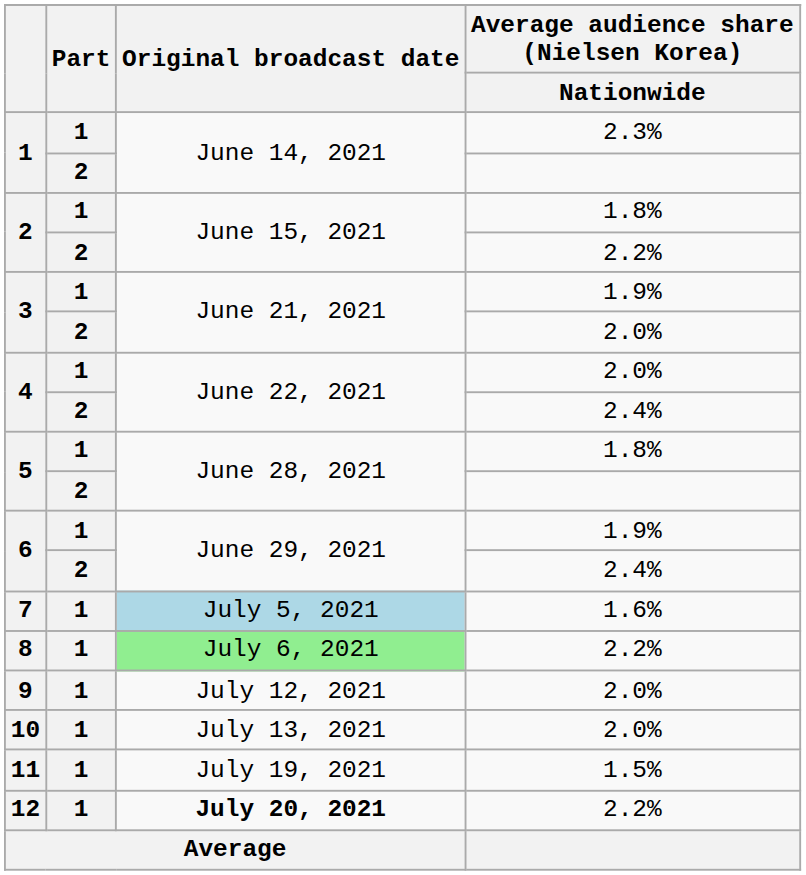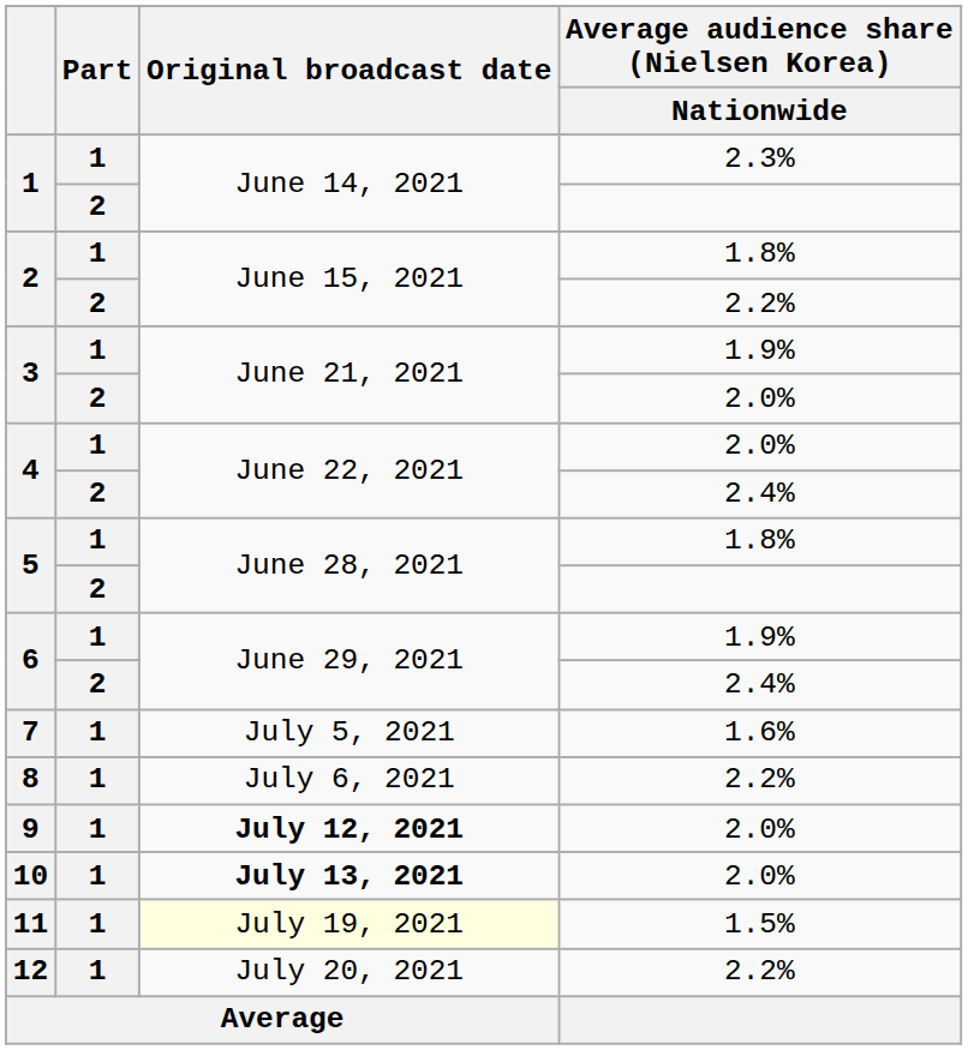 <table class="wikitable" style="text-align:center">
 <tr>
 </tr>
 <tr>
 <th rowspan="2"></th>
 <th rowspan="2">Part</th>
 <th rowspan="2">Original broadcast date</th>
 <th>Average audience share<br>(Nielsen Korea)</th>
 </tr>
 <tr>
 <th>Nationwide</th>
 </tr>
 <tr>
 <th rowspan="2">1</th>
 <th>1</th>
 <td rowspan="2">June 14, 2021</td>
 <td>2.3%</td>
 </tr>
 <tr>
 <th>2</th>
 <td></td>
 </tr>
 <tr>
 <th rowspan="2">2</th>
 <th>1</th>
 <td rowspan="2">June 15, 2021</td>
 <td>1.8%</td>
 </tr>
 <tr>
 <th>2</th>
 <td>2.2%</td>
 </tr>
 <tr>
 <th rowspan="2">3</th>
 <th>1</th>
 <td rowspan="2">June 21, 2021</td>
 <td>1.9%</td>
 </tr>
 <tr>
 <th>2</th>
 <td>2.0%</td>
 </tr>
 <tr>
 <th rowspan="2">4</th>
 <th>1</th>
 <td rowspan="2">June 22, 2021</td>
 <td>2.0%</td>
 </tr>
 <tr>
 <th>2</th>
 <td>2.4%</td>
 </tr>
 <tr>
 <th rowspan="2">5</th>
 <th>1</th>
 <td rowspan="2">June 28, 2021</td>
 <td>1.8%</td>
 </tr>
 <tr>
 <th>2</th>
 <td></td>
 </tr>
 <tr>
 <th rowspan="2">6</th>
 <th>1</th>
 <td rowspan="2">June 29, 2021</td>
 <td>1.9%</td>
 </tr>
 <tr>
 <th>2</th>
 <td>2.4%</td>
 </tr>
 <tr>
 <th rowspan="1">7</th>
 <th>1</th>
-<td rowspan="1" style="background: lightblue;">July 5, 2021</td>
+<td rowspan="1">July 5, 2021</td>
 <td>1.6%</td>
 </tr>
 <tr>
 <th rowspan="1">8</th>
 <th>1</th>
-<td rowspan="1" style="background: lightgreen;">July 6, 2021</td>
+<td rowspan="1">July 6, 2021</td>
 <td>2.2%</td>
 </tr>
 <tr>
 <th rowspan="1">9</th>
 <th>1</th>
-<td rowspan="1">July 12, 2021</td>
+<td rowspan="1"><strong>July 12, 2021</strong></td>
 <td>2.0%</td>
 </tr>
 <tr>
 <th rowspan="1">10</th>
 <th>1</th>
-<td rowspan="1">July 13, 2021</td>
+<td rowspan="1"><strong>July 13, 2021</strong></td>
 <td>2.0%</td>
 </tr>
 <tr>
 <th>11</th>
 <th>1</th>
-<td>July 19, 2021</td>
+<td style="background: lightyellow;">July 19, 2021</td>
 <td>1.5%</td>
 </tr>
 <tr>
 <th>12</th>
 <th>1</th>
-<td><strong>July 20, 2021</strong></td>
+<td>July 20, 2021</td>
 <td>2.2%</td>
 </tr>
 <tr>
 <th colspan="3">Average</th>
 <th></th>
 </tr>
 </table>
